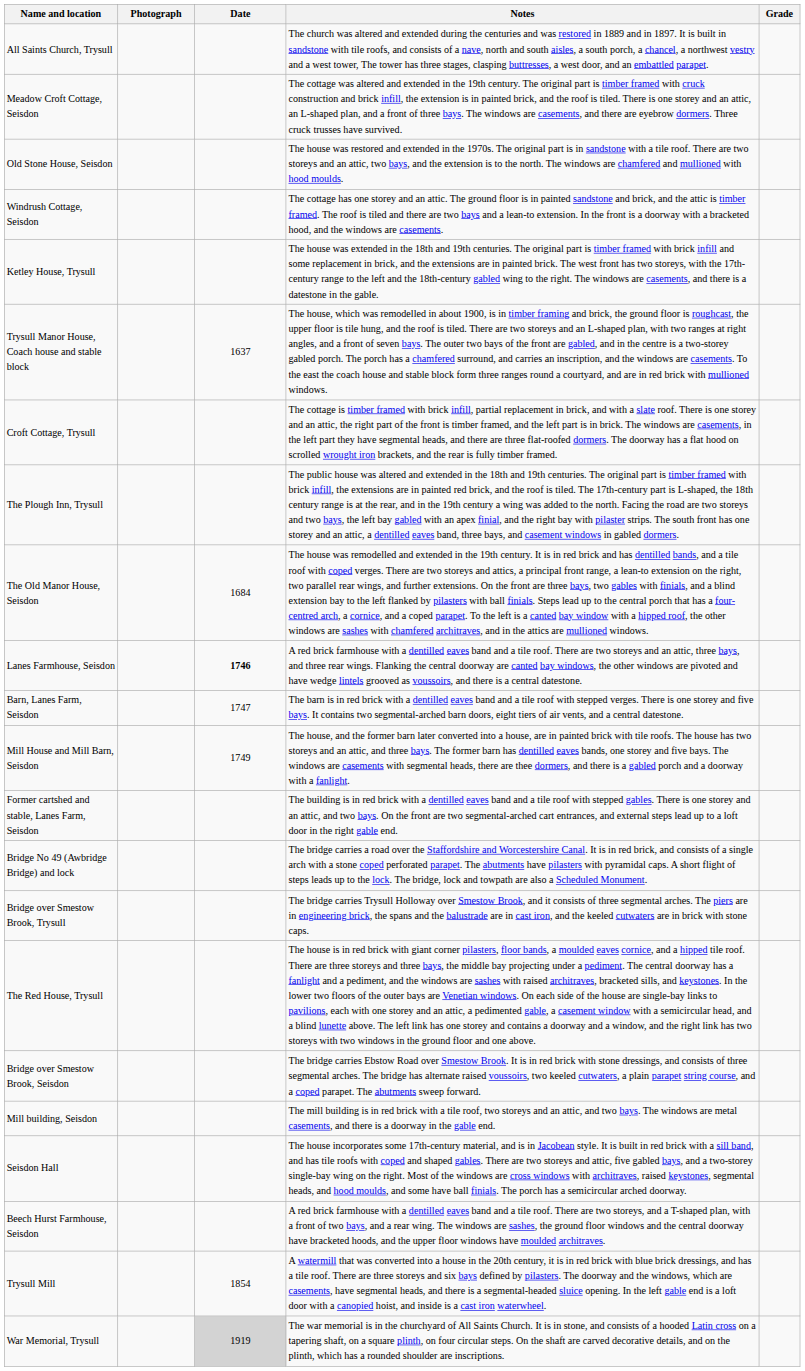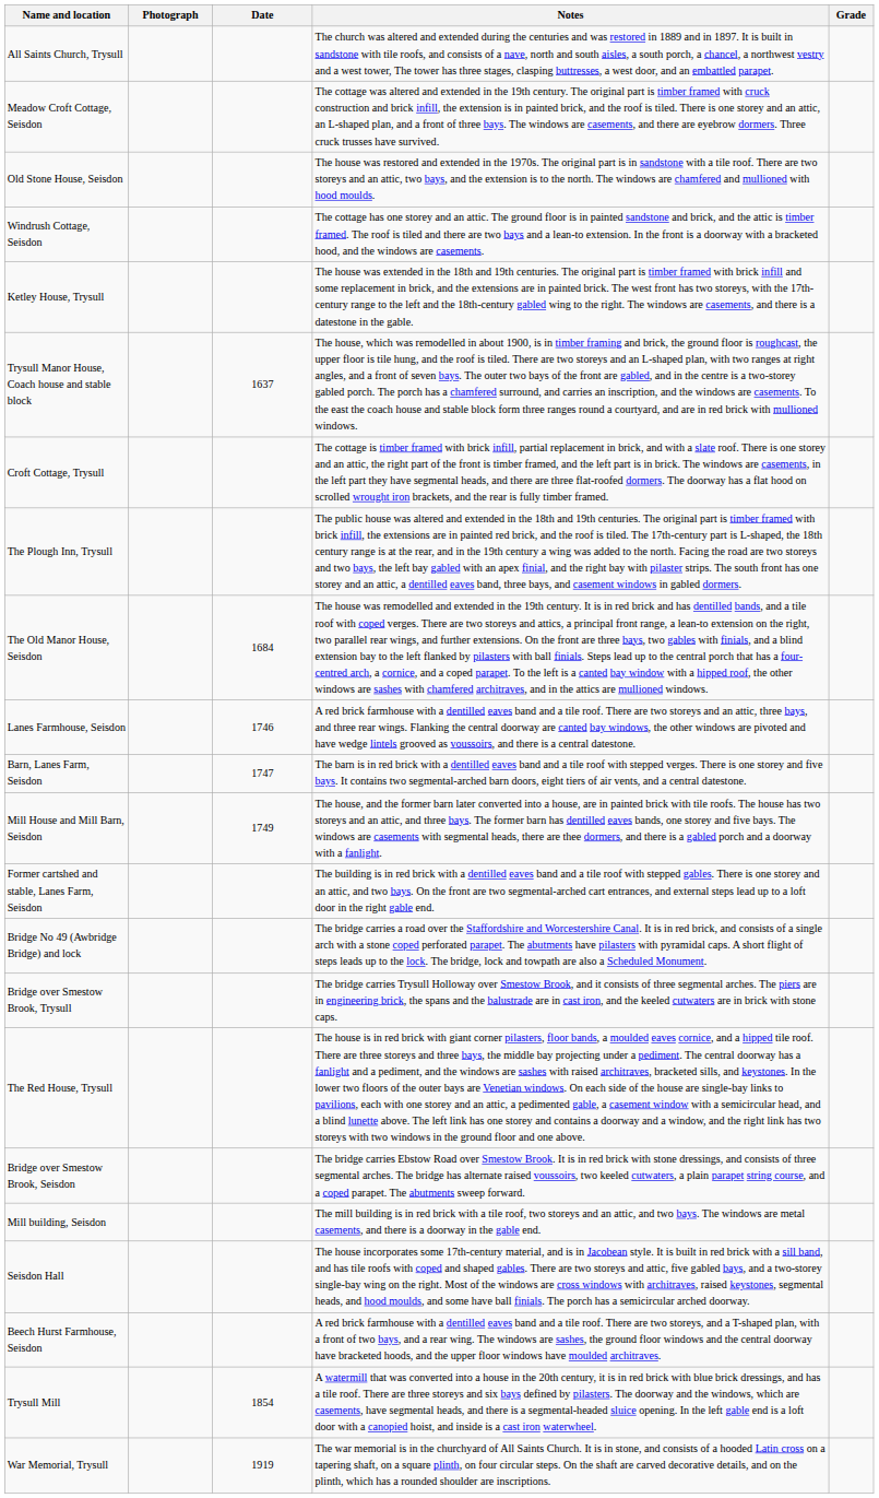 <table class="wikitable sortable plainrowheaders" style="width:100%; border:0; text-align:left; line-height:150%;">
 <tr>
 <th scope="col"  style="width:150px">Name and location</th>
 <th scope="col"  style="width:100px" class="unsortable">Photograph</th>
 <th scope="col"  style="width:120px">Date</th>
 <th scope="col"  style="width:650px" class="unsortable">Notes</th>
 <th scope="col"  style="width:50px">Grade</th>
 </tr>
 <tr>
 <td>All Saints Church, Trysull<br><small></small></td>
 <td></td>
 <td align="center"></td>
 <td>The church was altered and extended during the centuries and was <a href='#'>restored</a> in 1889 and in 1897.  It is built in <a href='#'>sandstone</a> with tile roofs, and consists of a <a href='#'>nave</a>, north and south <a href='#'>aisles</a>, a south porch, a <a href='#'>chancel</a>, a northwest <a href='#'>vestry</a> and a west tower,  The tower has three stages, clasping <a href='#'>buttresses</a>, a west door, and an <a href='#'>embattled</a> <a href='#'>parapet</a>.</td>
 <td align="center" ></td>
 </tr>
 <tr>
 <td>Meadow Croft Cottage, Seisdon<br><small></small></td>
 <td></td>
 <td align="center"></td>
 <td>The cottage was altered and extended in the 19th century.  The original part is <a href='#'>timber framed</a> with <a href='#'>cruck</a> construction and brick <a href='#'>infill</a>, the extension is in painted brick, and the roof is tiled.  There is one storey and an attic, an L-shaped plan, and a front of three <a href='#'>bays</a>.  The windows are <a href='#'>casements</a>, and there are eyebrow <a href='#'>dormers</a>.  Three cruck trusses have survived.</td>
 <td align="center" ></td>
 </tr>
 <tr>
 <td>Old Stone House, Seisdon<br><small></small></td>
 <td></td>
 <td align="center"></td>
 <td>The house was restored and extended in the 1970s.  The original part is in <a href='#'>sandstone</a> with a tile roof.  There are two storeys and an attic, two <a href='#'>bays</a>, and the extension is to the north.  The windows are <a href='#'>chamfered</a> and <a href='#'>mullioned</a> with <a href='#'>hood moulds</a>.</td>
 <td align="center" ></td>
 </tr>
 <tr>
 <td>Windrush Cottage, Seisdon<br><small></small></td>
 <td></td>
 <td align="center"></td>
 <td>The cottage has one storey and an attic.  The ground floor is in painted <a href='#'>sandstone</a> and brick, and the attic is <a href='#'>timber framed</a>.  The roof is tiled and there are two <a href='#'>bays</a> and a lean-to extension.  In the front is a doorway with a bracketed hood, and the windows are <a href='#'>casements</a>.</td>
 <td align="center" ></td>
 </tr>
 <tr>
 <td>Ketley House, Trysull<br><small></small></td>
 <td></td>
 <td align="center"></td>
 <td>The house was extended in the 18th and 19th centuries.  The original part is <a href='#'>timber framed</a> with brick <a href='#'>infill</a> and some replacement in brick, and the extensions are in painted brick.  The west front has two storeys, with the 17th-century range to the left and the 18th-century <a href='#'>gabled</a> wing to the right.  The windows are <a href='#'>casements</a>, and there is a datestone in the gable.</td>
 <td align="center" ></td>
 </tr>
 <tr>
 <td>Trysull Manor House, Coach house and stable block<br><small></small></td>
 <td></td>
 <td align="center">1637</td>
 <td>The house, which was remodelled in about 1900, is in <a href='#'>timber framing</a> and brick, the ground floor is <a href='#'>roughcast</a>, the upper floor is tile hung, and the roof is tiled.  There are two storeys and an L-shaped plan, with two ranges at right angles, and a front of seven <a href='#'>bays</a>.  The outer two bays of the front are <a href='#'>gabled</a>, and in the centre is a two-storey gabled porch.  The porch has a <a href='#'>chamfered</a> surround, and carries an inscription, and the windows are <a href='#'>casements</a>.  To the east the coach house and stable block form three ranges round a courtyard, and are in red brick with <a href='#'>mullioned</a> windows.</td>
 <td align="center" ></td>
 </tr>
 <tr>
 <td>Croft Cottage, Trysull<br><small></small></td>
 <td></td>
 <td align="center"></td>
 <td>The cottage is <a href='#'>timber framed</a> with brick <a href='#'>infill</a>, partial replacement in brick, and with a <a href='#'>slate</a> roof.  There is one storey and an attic, the right part of the front is timber framed, and the left part is in brick.  The windows are <a href='#'>casements</a>, in the left part they have segmental heads, and there are three flat-roofed <a href='#'>dormers</a>.  The doorway has a flat hood on scrolled <a href='#'>wrought iron</a> brackets, and the rear is fully timber framed.</td>
 <td align="center" ></td>
 </tr>
 <tr>
 <td>The Plough Inn, Trysull<br><small></small></td>
 <td></td>
 <td align="center"></td>
 <td>The public house was altered and extended in the 18th and 19th centuries.  The original part is <a href='#'>timber framed</a> with brick <a href='#'>infill</a>, the extensions are in painted red brick, and the roof is tiled.  The 17th-century part is L-shaped, the 18th century range is at the rear, and in the 19th century a wing was added to the north.  Facing the road are two storeys and two <a href='#'>bays</a>, the left bay <a href='#'>gabled</a> with an apex <a href='#'>finial</a>, and the right bay with <a href='#'>pilaster</a> strips.  The south front has one storey and an attic, a <a href='#'>dentilled</a> <a href='#'>eaves</a> band, three bays, and <a href='#'>casement windows</a> in gabled <a href='#'>dormers</a>.</td>
 <td align="center" ></td>
 </tr>
 <tr>
 <td>The Old Manor House, Seisdon<br><small></small></td>
 <td></td>
 <td align="center">1684</td>
 <td>The house was remodelled and extended in the 19th century.  It is in red brick and has <a href='#'>dentilled</a> <a href='#'>bands</a>, and a tile roof with <a href='#'>coped</a> verges.  There are two storeys and attics, a principal front range, a lean-to extension on the right, two parallel rear wings, and further extensions.  On the front are three <a href='#'>bays</a>, two <a href='#'>gables</a> with <a href='#'>finials</a>, and a blind extension bay to the left flanked by <a href='#'>pilasters</a> with ball <a href='#'>finials</a>.  Steps lead up to the central porch that has a <a href='#'>four-centred arch</a>, a <a href='#'>cornice</a>, and a coped <a href='#'>parapet</a>.  To the left is a <a href='#'>canted</a> <a href='#'>bay window</a> with a <a href='#'>hipped roof</a>, the other windows are <a href='#'>sashes</a> with <a href='#'>chamfered</a> <a href='#'>architraves</a>, and in the attics are <a href='#'>mullioned</a> windows.</td>
 <td align="center" ></td>
 </tr>
 <tr>
 <td>Lanes Farmhouse, Seisdon<br><small></small></td>
 <td></td>
-<td align="center"><strong>1746</strong></td>
+<td align="center">1746</td>
 <td>A red brick farmhouse with a <a href='#'>dentilled</a> <a href='#'>eaves</a> band and a tile roof.  There are two storeys and an attic, three <a href='#'>bays</a>, and three rear wings.  Flanking the central doorway are <a href='#'>canted</a> <a href='#'>bay windows</a>, the other windows are pivoted and have wedge <a href='#'>lintels</a> grooved as <a href='#'>voussoirs</a>, and there is a central datestone.</td>
 <td align="center" ></td>
 </tr>
 <tr>
 <td>Barn, Lanes Farm, Seisdon<br><small></small></td>
 <td></td>
 <td align="center">1747</td>
 <td>The barn is in red brick with a <a href='#'>dentilled</a> <a href='#'>eaves</a> band and a tile roof with stepped verges.  There is one storey and five <a href='#'>bays</a>.  It contains two segmental-arched barn doors, eight tiers of air vents, and a central datestone.</td>
 <td align="center" ></td>
 </tr>
 <tr>
 <td>Mill House and Mill Barn, Seisdon<br><small></small></td>
 <td></td>
 <td align="center">1749</td>
 <td>The house, and the former barn later converted into a house, are in painted brick with tile roofs.  The house has two storeys and an attic, and three <a href='#'>bays</a>.  The former barn has <a href='#'>dentilled</a> <a href='#'>eaves</a> bands, one storey and five bays.  The windows are <a href='#'>casements</a> with segmental heads, there are thee <a href='#'>dormers</a>, and there is a <a href='#'>gabled</a> porch and a doorway with a <a href='#'>fanlight</a>.</td>
 <td align="center" ></td>
 </tr>
 <tr>
 <td>Former cartshed and stable, Lanes Farm, Seisdon<br><small></small></td>
 <td></td>
 <td align="center"></td>
 <td>The building is in red brick with a <a href='#'>dentilled</a> <a href='#'>eaves</a> band and a tile roof with stepped <a href='#'>gables</a>.  There is one storey and an attic, and two <a href='#'>bays</a>.  On the front are two segmental-arched cart entrances, and external steps lead up to a loft door in the right <a href='#'>gable</a> end.</td>
 <td align="center" ></td>
 </tr>
 <tr>
 <td>Bridge No 49 (Awbridge Bridge) and lock<br><small></small></td>
 <td></td>
 <td align="center"></td>
 <td>The bridge carries a road over the <a href='#'>Staffordshire and Worcestershire Canal</a>.  It is in red brick, and consists of a single arch with a stone <a href='#'>coped</a> perforated <a href='#'>parapet</a>.  The <a href='#'>abutments</a> have <a href='#'>pilasters</a> with pyramidal caps.  A short flight of steps leads up to the <a href='#'>lock</a>.  The bridge, lock and towpath are also a <a href='#'>Scheduled Monument</a>.</td>
 <td align="center" ></td>
 </tr>
 <tr>
 <td>Bridge over Smestow Brook, Trysull<br><small></small></td>
 <td></td>
 <td align="center"></td>
 <td>The bridge carries Trysull Holloway over <a href='#'>Smestow Brook</a>, and it consists of three segmental arches.  The <a href='#'>piers</a> are in <a href='#'>engineering brick</a>, the spans and the <a href='#'>balustrade</a> are in <a href='#'>cast iron</a>, and the keeled <a href='#'>cutwaters</a> are in brick with stone caps.</td>
 <td align="center" ></td>
 </tr>
 <tr>
 <td>The Red House, Trysull<br><small></small></td>
 <td></td>
 <td align="center"></td>
 <td>The house is in red brick with giant corner <a href='#'>pilasters</a>, <a href='#'>floor bands</a>, a <a href='#'>moulded</a> <a href='#'>eaves</a> <a href='#'>cornice</a>, and a <a href='#'>hipped</a> tile roof.  There are three storeys and three <a href='#'>bays</a>, the middle bay projecting under a <a href='#'>pediment</a>.  The central doorway has a <a href='#'>fanlight</a> and a pediment, and the windows are <a href='#'>sashes</a> with raised <a href='#'>architraves</a>, bracketed sills, and <a href='#'>keystones</a>.  In the lower two floors of the outer bays are <a href='#'>Venetian windows</a>.  On each side of the house are single-bay links to <a href='#'>pavilions</a>, each with one storey and an attic, a pedimented <a href='#'>gable</a>, a <a href='#'>casement window</a> with a semicircular head, and a blind <a href='#'>lunette</a> above.  The left link has one storey and contains a doorway and a window, and the right link has two storeys with two windows in the ground floor and one above.</td>
 <td align="center" ></td>
 </tr>
 <tr>
 <td>Bridge over Smestow Brook, Seisdon<br><small></small></td>
 <td></td>
 <td align="center"></td>
 <td>The bridge carries Ebstow Road over <a href='#'>Smestow Brook</a>.  It is in red brick with stone dressings, and consists of three segmental arches.  The bridge has alternate raised <a href='#'>voussoirs</a>, two keeled <a href='#'>cutwaters</a>, a plain <a href='#'>parapet</a> <a href='#'>string course</a>, and a <a href='#'>coped</a> parapet.  The <a href='#'>abutments</a> sweep forward.</td>
 <td align="center" ></td>
 </tr>
 <tr>
 <td>Mill building, Seisdon<br><small></small></td>
 <td></td>
 <td align="center"></td>
 <td>The mill building is in red brick with a tile roof, two storeys and an attic, and two <a href='#'>bays</a>.  The windows are metal <a href='#'>casements</a>, and there is a doorway in the <a href='#'>gable</a> end.</td>
 <td align="center" ></td>
 </tr>
 <tr>
 <td>Seisdon Hall<br><small></small></td>
 <td></td>
 <td align="center"></td>
 <td>The house incorporates some 17th-century material, and is in <a href='#'>Jacobean</a> style.  It is built in red brick with a <a href='#'>sill band</a>, and has tile roofs with <a href='#'>coped</a> and shaped <a href='#'>gables</a>.  There are two storeys and attic, five gabled <a href='#'>bays</a>, and a two-storey single-bay wing on the right.  Most of the windows are <a href='#'>cross windows</a> with <a href='#'>architraves</a>, raised <a href='#'>keystones</a>, segmental heads, and <a href='#'>hood moulds</a>, and some have ball <a href='#'>finials</a>.  The porch has a semicircular arched doorway.</td>
 <td align="center" ></td>
 </tr>
 <tr>
 <td>Beech Hurst Farmhouse, Seisdon<br><small></small></td>
 <td></td>
 <td align="center"></td>
 <td>A red brick farmhouse with a <a href='#'>dentilled</a> <a href='#'>eaves</a> band and a tile roof.  There are two storeys, and a T-shaped plan, with a front of two <a href='#'>bays</a>, and a rear wing.  The windows are <a href='#'>sashes</a>, the ground floor windows and the central doorway have bracketed hoods, and the upper floor windows have <a href='#'>moulded</a> <a href='#'>architraves</a>.</td>
 <td align="center" ></td>
 </tr>
 <tr>
 <td>Trysull Mill<br><small></small></td>
 <td></td>
 <td align="center">1854</td>
 <td>A <a href='#'>watermill</a> that was converted into a house in the 20th century, it is in red brick with blue brick dressings, and has a tile roof.  There are three storeys and six <a href='#'>bays</a> defined by <a href='#'>pilasters</a>.  The doorway and the windows, which are <a href='#'>casements</a>, have segmental heads, and there is a segmental-headed <a href='#'>sluice</a> opening.  In the left <a href='#'>gable</a> end is a loft door with a <a href='#'>canopied</a> hoist, and inside is a <a href='#'>cast iron</a> <a href='#'>waterwheel</a>.</td>
 <td align="center" ></td>
 </tr>
 <tr>
 <td>War Memorial, Trysull<br><small></small></td>
 <td></td>
-<td align="center" style="background: lightgrey;">1919</td>
+<td align="center">1919</td>
 <td>The war memorial is in the churchyard of All Saints Church.  It is in stone, and consists of a hooded <a href='#'>Latin cross</a> on a tapering shaft, on a square <a href='#'>plinth</a>, on four circular steps.  On the shaft are carved decorative details, and on the plinth, which has a rounded shoulder are inscriptions.</td>
 <td align="center" ></td>
 </tr>
 <tr>
 </tr>
 </table>
